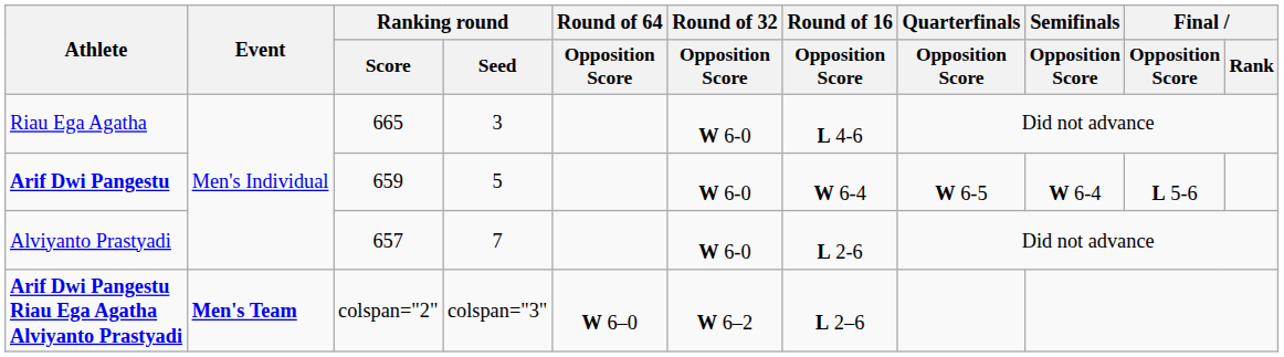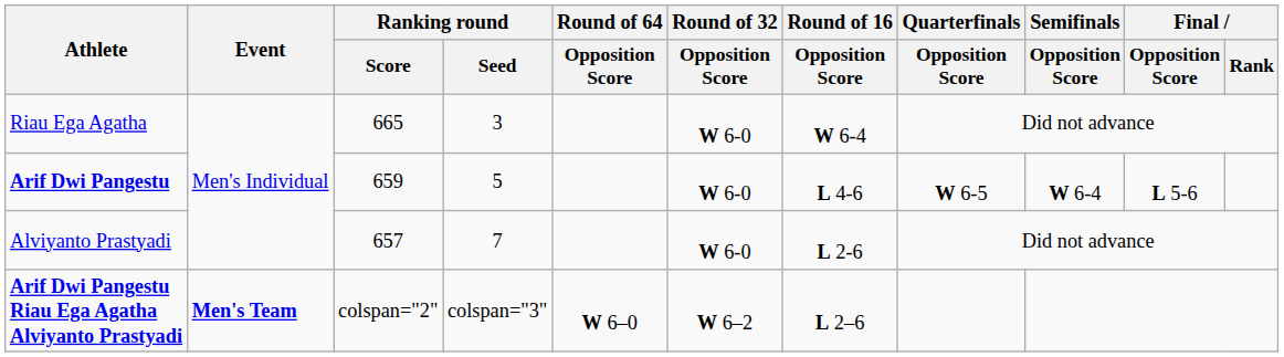 <table class=wikitable style=font-size:88%;text-align:center>
 <tr>
 <th rowspan=2>Athlete</th>
 <th rowspan=2>Event</th>
 <th colspan=2>Ranking round</th>
 <th>Round of 64</th>
 <th>Round of 32</th>
 <th>Round of 16</th>
 <th>Quarterfinals</th>
 <th>Semifinals</th>
 <th colspan=2>Final / </th>
 </tr>
 <tr style=font-size:95%>
 <th>Score</th>
 <th>Seed</th>
 <th>Opposition<br>Score</th>
 <th>Opposition<br>Score</th>
 <th>Opposition<br>Score</th>
 <th>Opposition<br>Score</th>
 <th>Opposition<br>Score</th>
 <th>Opposition<br>Score</th>
 <th>Rank</th>
 </tr>
 <tr>
 <td align=left><a href='#'>Riau Ega Agatha</a></td>
 <td align=left rowspan=3><a href='#'>Men's Individual</a></td>
 <td>665</td>
 <td>3</td>
 <td></td>
 <td><br><strong>W</strong> 6-0</td>
-<td><br><strong>L</strong> 4-6</td>
+<td><br><strong>W</strong> 6-4</td>
 <td colspan="5">Did not advance</td>
 </tr>
 <tr>
 <td align=left><strong><a href='#'>Arif Dwi Pangestu</a></strong></td>
 <td>659</td>
 <td>5</td>
 <td></td>
 <td><br><strong>W</strong> 6-0</td>
-<td><br><strong>W</strong> 6-4</td>
+<td><br><strong>L</strong> 4-6</td>
 <td><br><strong>W</strong> 6-5</td>
 <td><br><strong>W</strong> 6-4</td>
 <td><br><strong>L</strong> 5-6</td>
 <td></td>
 </tr>
 <tr>
 <td align=left><a href='#'>Alviyanto Prastyadi</a></td>
 <td>657</td>
 <td>7</td>
 <td></td>
 <td><br><strong>W</strong> 6-0</td>
 <td><br><strong>L</strong> 2-6</td>
 <td colspan="5">Did not advance</td>
 </tr>
 <tr>
 <td align=left><strong><a href='#'>Arif Dwi Pangestu</a><br><a href='#'>Riau Ega Agatha</a><br><a href='#'>Alviyanto Prastyadi</a></strong></td>
 <td align=left><strong><a href='#'>Men's Team</a></strong></td>
 <td>colspan="2" </td>
 <td>colspan="3" </td>
 <td><br><strong>W</strong> 6–0</td>
 <td><br><strong>W</strong> 6–2</td>
 <td><br><strong>L</strong> 2–6</td>
 <td></td>
 </tr>
 </table>
